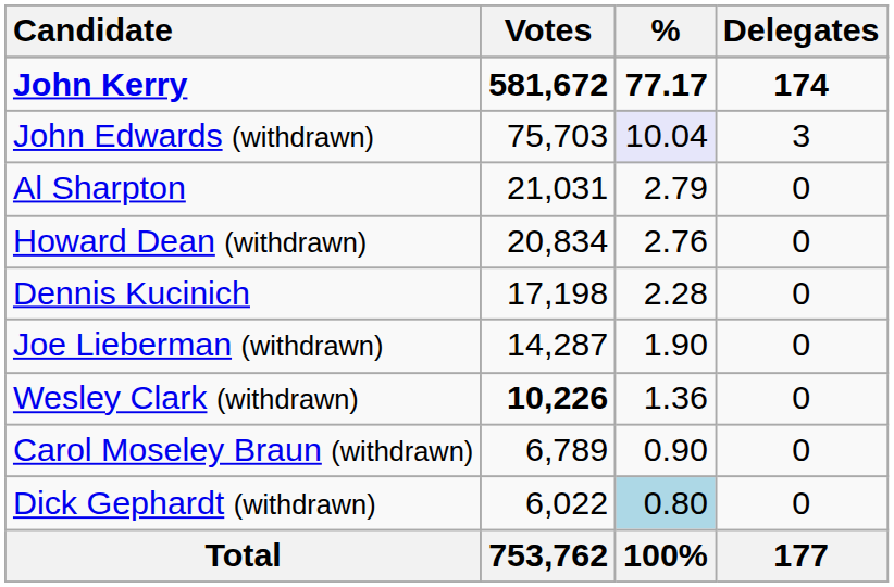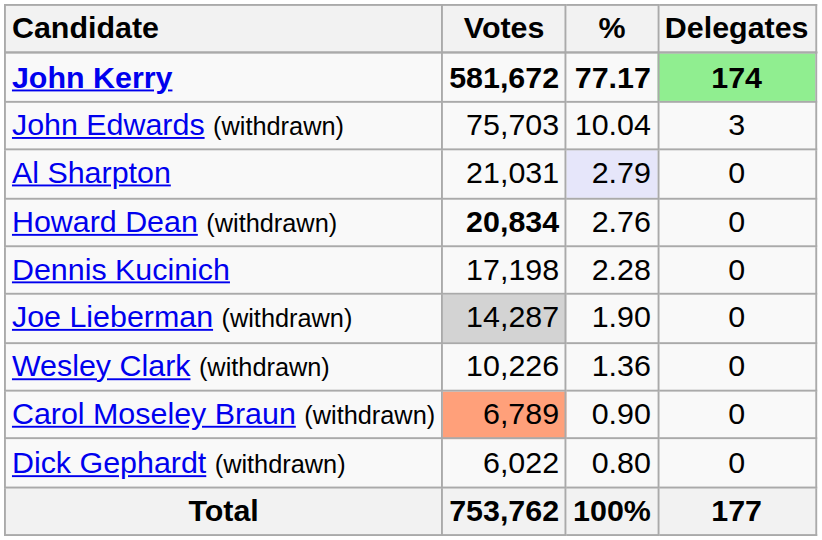 <table class="wikitable sortable plainrowheaders" style="text-align:right;">
 <tr>
 <th style="text-align:left;">Candidate</th>
 <th>Votes</th>
 <th>%</th>
 <th>Delegates</th>
 </tr>
 <tr>
 </tr>
 <tr>
 <td style="text-align:left;"><strong><a href='#'>John Kerry</a></strong></td>
 <td><strong>581,672</strong></td>
 <td><strong>77.17</strong></td>
-<td style="text-align:center;"><strong>174</strong></td>
+<td style="background: lightgreen; text-align:center;"><strong>174</strong></td>
 </tr>
 <tr>
 <td style="text-align:left;"><a href='#'>John Edwards</a> <small>(withdrawn)</small></td>
 <td>75,703</td>
-<td style="background: lavender;">10.04</td>
+<td>10.04</td>
 <td style="text-align:center;">3</td>
 </tr>
 <tr>
 <td style="text-align:left;"><a href='#'>Al Sharpton</a></td>
 <td>21,031</td>
-<td>2.79</td>
+<td style="background: lavender;">2.79</td>
 <td style="text-align:center;">0</td>
 </tr>
 <tr>
 <td style="text-align:left;"><a href='#'>Howard Dean</a> <small>(withdrawn)</small></td>
-<td>20,834</td>
+<td><strong>20,834</strong></td>
 <td>2.76</td>
 <td style="text-align:center;">0</td>
 </tr>
 <tr>
 <td style="text-align:left;"><a href='#'>Dennis Kucinich</a></td>
 <td>17,198</td>
 <td>2.28</td>
 <td style="text-align:center;">0</td>
 </tr>
 <tr>
 <td style="text-align:left;"><a href='#'>Joe Lieberman</a> <small>(withdrawn)</small></td>
-<td>14,287</td>
+<td style="background: lightgrey;">14,287</td>
 <td>1.90</td>
 <td style="text-align:center;">0</td>
 </tr>
 <tr>
 <td style="text-align:left;"><a href='#'>Wesley Clark</a> <small>(withdrawn)</small></td>
-<td><strong>10,226</strong></td>
+<td>10,226</td>
 <td>1.36</td>
 <td style="text-align:center;">0</td>
 </tr>
 <tr>
 <td style="text-align:left;"><a href='#'>Carol Moseley Braun</a> <small>(withdrawn)</small></td>
-<td>6,789</td>
+<td style="background: lightsalmon;">6,789</td>
 <td>0.90</td>
 <td style="text-align:center;">0</td>
 </tr>
 <tr>
 <td style="text-align:left;"><a href='#'>Dick Gephardt</a> <small>(withdrawn)</small></td>
 <td>6,022</td>
-<td style="background: lightblue;">0.80</td>
+<td>0.80</td>
 <td style="text-align:center;">0</td>
 </tr>
 <tr class="sortbottom">
 <th>Total</th>
 <th>753,762</th>
 <th>100%</th>
 <th>177</th>
 </tr>
 </table>
